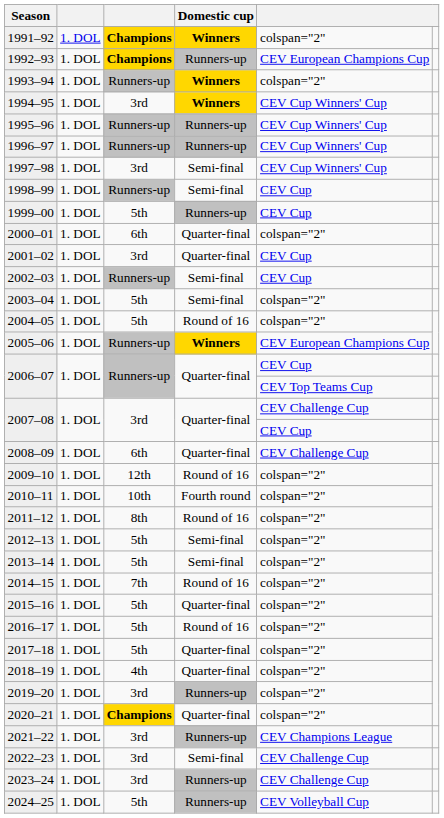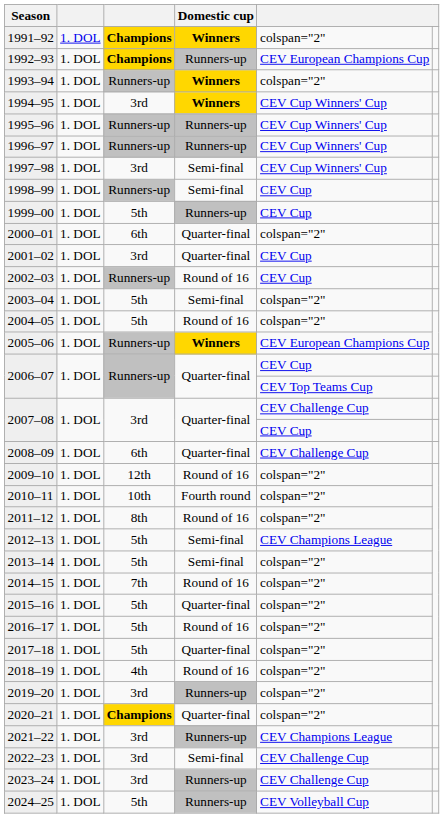 <table class="wikitable" style="font-size:90%">
 <tr>
 <th>Season</th>
 <th></th>
 <th></th>
 <th>Domestic cup</th>
 <th colspan="2"></th>
 </tr>
 <tr>
 <td style="background:#EFEFEF;">1991–92</td>
 <td><a href='#'>1. DOL</a></td>
 <td style="background:gold" align=center><strong>Champions</strong></td>
 <td style="background:gold" align=center><strong>Winners</strong></td>
 <td>colspan="2" </td>
 </tr>
 <tr>
 <td style="background:#EFEFEF;">1992–93</td>
 <td>1. DOL</td>
 <td style="background:gold" align=center><strong>Champions</strong></td>
 <td style="background:silver" align=center>Runners-up</td>
 <td><a href='#'>CEV European Champions Cup</a></td>
 <td align="center"></td>
 </tr>
 <tr>
 <td style="background:#EFEFEF;">1993–94</td>
 <td>1. DOL</td>
 <td style="background:silver" align=center>Runners-up</td>
 <td style="background:gold" align=center><strong>Winners</strong></td>
 <td>colspan="2" </td>
 <td align="center"></td>
 </tr>
 <tr>
 <td style="background:#EFEFEF;">1994–95</td>
 <td>1. DOL</td>
 <td align=center>3rd</td>
 <td style="background:gold" align=center><strong>Winners</strong></td>
 <td><a href='#'>CEV Cup Winners' Cup</a></td>
 <td align="center"></td>
 </tr>
 <tr>
 <td style="background:#EFEFEF;">1995–96</td>
 <td>1. DOL</td>
 <td style="background:silver" align=center>Runners-up</td>
 <td style="background:silver" align=center>Runners-up</td>
 <td><a href='#'>CEV Cup Winners' Cup</a></td>
 <td align="center"></td>
 </tr>
 <tr>
 <td style="background:#EFEFEF;">1996–97</td>
 <td>1. DOL</td>
 <td style="background:silver" align=center>Runners-up</td>
 <td style="background:silver" align=center>Runners-up</td>
 <td><a href='#'>CEV Cup Winners' Cup</a></td>
 <td align="center"></td>
 </tr>
 <tr>
 <td style="background:#EFEFEF;">1997–98</td>
 <td>1. DOL</td>
 <td align=center>3rd</td>
 <td align=center>Semi-final</td>
 <td><a href='#'>CEV Cup Winners' Cup</a></td>
 <td align="center"></td>
 </tr>
 <tr>
 <td style="background:#EFEFEF;">1998–99</td>
 <td>1. DOL</td>
 <td style="background:silver" align=center>Runners-up</td>
 <td align=center>Semi-final</td>
 <td><a href='#'>CEV Cup</a></td>
 <td align="center"></td>
 </tr>
 <tr>
 <td style="background:#EFEFEF;">1999–00</td>
 <td>1. DOL</td>
 <td align=center>5th</td>
 <td style="background:silver" align=center>Runners-up</td>
 <td><a href='#'>CEV Cup</a></td>
 <td align="center"></td>
 </tr>
 <tr>
 <td style="background:#EFEFEF;">2000–01</td>
 <td>1. DOL</td>
 <td align=center>6th</td>
 <td align=center>Quarter-final</td>
 <td>colspan="2" </td>
 </tr>
 <tr>
 <td style="background:#EFEFEF;">2001–02</td>
 <td>1. DOL</td>
 <td align=center>3rd</td>
 <td align=center>Quarter-final</td>
 <td><a href='#'>CEV Cup</a></td>
 <td align="center"></td>
 </tr>
 <tr>
 <td style="background:#EFEFEF;">2002–03</td>
 <td>1. DOL</td>
 <td style="background:silver" align=center>Runners-up</td>
-<td align=center>Semi-final</td>
+<td align=center>Round of 16</td>
 <td><a href='#'>CEV Cup</a></td>
 <td align="center"></td>
 </tr>
 <tr>
 <td style="background:#EFEFEF;">2003–04</td>
 <td>1. DOL</td>
 <td align=center>5th</td>
 <td align=center>Semi-final</td>
 <td>colspan="2" </td>
 <td align="center"></td>
 </tr>
 <tr>
 <td style="background:#EFEFEF;">2004–05</td>
 <td>1. DOL</td>
 <td align=center>5th</td>
 <td align=center>Round of 16</td>
 <td>colspan="2" </td>
 </tr>
 <tr>
 <td style="background:#EFEFEF;">2005–06</td>
 <td>1. DOL</td>
 <td style="background:silver" align=center>Runners-up</td>
 <td style="background:gold" align=center><strong>Winners</strong></td>
 <td><a href='#'>CEV European Champions Cup</a></td>
 </tr>
 <tr>
 <td rowspan=2 style="background:#EFEFEF;">2006–07</td>
 <td rowspan=2>1. DOL</td>
 <td rowspan=2 style="background:silver" align=center>Runners-up</td>
 <td rowspan=2 align=center>Quarter-final</td>
 <td><a href='#'>CEV Cup</a></td>
 <td align="center"></td>
 </tr>
 <tr>
 <td><a href='#'>CEV Top Teams Cup</a></td>
 <td align="center"></td>
 </tr>
 <tr>
 <td rowspan=2 style="background:#EFEFEF;">2007–08</td>
 <td rowspan=2>1. DOL</td>
 <td rowspan=2 align=center>3rd</td>
 <td rowspan=2 align=center>Quarter-final</td>
 <td><a href='#'>CEV Challenge Cup</a></td>
 <td align="center"></td>
 </tr>
 <tr>
 <td><a href='#'>CEV Cup</a></td>
 <td align="center"></td>
 </tr>
 <tr>
 <td style="background:#EFEFEF;">2008–09</td>
 <td>1. DOL</td>
 <td align=center>6th</td>
 <td align=center>Quarter-final</td>
 <td><a href='#'>CEV Challenge Cup</a></td>
 <td align="center"></td>
 </tr>
 <tr>
 <td style="background:#EFEFEF;">2009–10</td>
 <td>1. DOL</td>
 <td align=center>12th</td>
 <td align=center>Round of 16</td>
 <td>colspan="2" </td>
 </tr>
 <tr>
 <td style="background:#EFEFEF;">2010–11</td>
 <td>1. DOL</td>
 <td align=center>10th</td>
 <td align=center>Fourth round</td>
 <td>colspan="2" </td>
 </tr>
 <tr>
 <td style="background:#EFEFEF;">2011–12</td>
 <td>1. DOL</td>
 <td align=center>8th</td>
 <td align=center>Round of 16</td>
 <td>colspan="2" </td>
 </tr>
 <tr>
 <td style="background:#EFEFEF;">2012–13</td>
 <td>1. DOL</td>
 <td align=center>5th</td>
 <td align=center>Semi-final</td>
-<td>colspan="2" </td>
+<td><a href='#'>CEV Champions League</a></td>
 </tr>
 <tr>
 <td style="background:#EFEFEF;">2013–14</td>
 <td>1. DOL</td>
 <td align=center>5th</td>
 <td align=center>Semi-final</td>
 <td>colspan="2" </td>
 </tr>
 <tr>
 <td style="background:#EFEFEF;">2014–15</td>
 <td>1. DOL</td>
 <td align=center>7th</td>
 <td align=center>Round of 16</td>
 <td>colspan="2" </td>
 </tr>
 <tr>
 <td style="background:#EFEFEF;">2015–16</td>
 <td>1. DOL</td>
 <td align=center>5th</td>
 <td align=center>Quarter-final</td>
 <td>colspan="2" </td>
 </tr>
 <tr>
 <td style="background:#EFEFEF;">2016–17</td>
 <td>1. DOL</td>
 <td align=center>5th</td>
 <td align=center>Round of 16</td>
 <td>colspan="2" </td>
 </tr>
 <tr>
 <td style="background:#EFEFEF;">2017–18</td>
 <td>1. DOL</td>
 <td align=center>5th</td>
 <td align=center>Quarter-final</td>
 <td>colspan="2" </td>
 </tr>
 <tr>
 <td style="background:#EFEFEF;">2018–19</td>
 <td>1. DOL</td>
 <td align=center>4th</td>
-<td align=center>Quarter-final</td>
+<td align=center>Round of 16</td>
 <td>colspan="2" </td>
 </tr>
 <tr>
 <td style="background:#EFEFEF;">2019–20</td>
 <td>1. DOL</td>
 <td align=center>3rd</td>
 <td style="background:silver" align=center>Runners-up</td>
 <td>colspan="2" </td>
 </tr>
 <tr>
 <td style="background:#EFEFEF;">2020–21</td>
 <td>1. DOL</td>
 <td style="background:gold" align=center><strong>Champions</strong></td>
 <td align=center>Quarter-final</td>
 <td>colspan="2" </td>
 </tr>
 <tr>
 <td style="background:#EFEFEF;">2021–22</td>
 <td>1. DOL</td>
 <td align=center>3rd</td>
 <td style="background:silver" align=center>Runners-up</td>
 <td><a href='#'>CEV Champions League</a></td>
 <td align="center"></td>
 </tr>
 <tr>
 <td style="background:#EFEFEF;">2022–23</td>
 <td>1. DOL</td>
 <td align=center>3rd</td>
 <td align=center>Semi-final</td>
 <td><a href='#'>CEV Challenge Cup</a></td>
 <td align="center"></td>
 </tr>
 <tr>
 <td style="background:#EFEFEF;">2023–24</td>
 <td>1. DOL</td>
 <td align=center>3rd</td>
 <td style="background:silver" align=center>Runners-up</td>
 <td><a href='#'>CEV Challenge Cup</a></td>
 <td align="center"></td>
 </tr>
 <tr>
 <td style="background:#EFEFEF;">2024–25</td>
 <td>1. DOL</td>
 <td align=center>5th</td>
 <td style="background:silver" align=center>Runners-up</td>
 <td><a href='#'>CEV Volleyball Cup</a></td>
 <td align="center"></td>
 </tr>
 </table>
